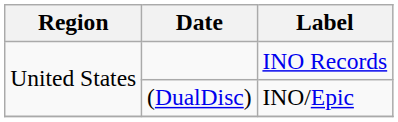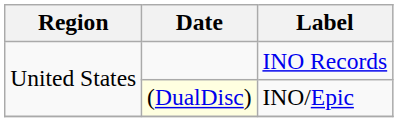 <table class="wikitable">
 <tr>
 <th>Region</th>
 <th>Date</th>
 <th>Label</th>
 </tr>
 <tr>
 <td rowspan="2">United States</td>
 <td></td>
 <td><a href='#'>INO Records</a></td>
 </tr>
 <tr>
-<td> (<a href='#'>DualDisc</a>)</td>
+<td style="background: lightyellow;"> (<a href='#'>DualDisc</a>)</td>
 <td>INO/<a href='#'>Epic</a></td>
 </tr>
 <tr>
 </tr>
 </table>
